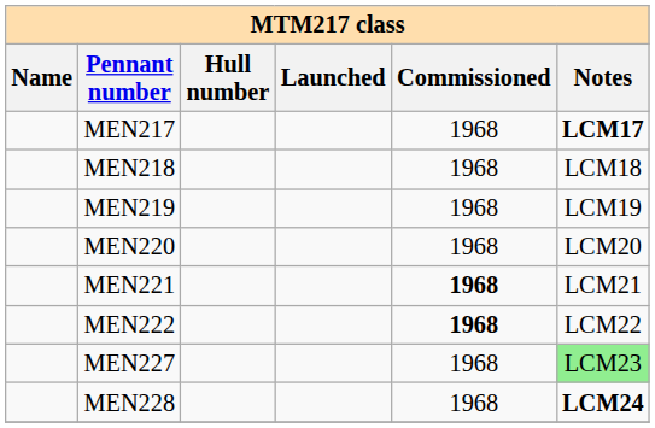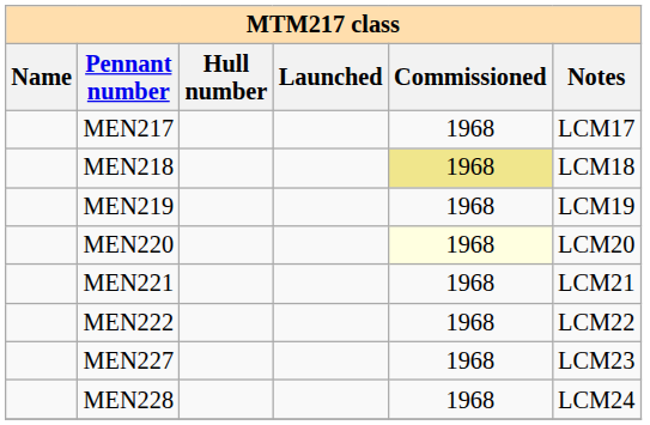 <table border="1" class="sortable wikitable">
 <tr>
 <th colspan="11" style="background:#ffdead;">MTM217 class</th>
 </tr>
 <tr>
 <th>Name</th>
 <th><a href='#'>Pennant<br>number</a></th>
 <th>Hull<br>number</th>
 <th>Launched</th>
 <th>Commissioned</th>
 <th>Notes</th>
 </tr>
 <tr>
 <td></td>
 <td align="center">MEN217</td>
 <td align="center"></td>
 <td align="center"></td>
 <td align="center">1968</td>
-<td align="center"><strong>LCM17</strong></td>
+<td align="center">LCM17</td>
 </tr>
 <tr>
 <td></td>
 <td align="center">MEN218</td>
 <td align="center"></td>
 <td align="center"></td>
-<td align="center">1968</td>
+<td align="center" style="background: khaki;">1968</td>
 <td align="center">LCM18</td>
 </tr>
 <tr>
 <td></td>
 <td align="center">MEN219</td>
 <td align="center"></td>
 <td align="center"></td>
 <td align="center">1968</td>
 <td align="center">LCM19</td>
 </tr>
 <tr>
 <td></td>
 <td align="center">MEN220</td>
 <td align="center"></td>
 <td align="center"></td>
-<td align="center">1968</td>
+<td align="center" style="background: lightyellow;">1968</td>
 <td align="center">LCM20</td>
 </tr>
 <tr>
 <td></td>
 <td align="center">MEN221</td>
 <td align="center"></td>
 <td align="center"></td>
-<td align="center"><strong>1968</strong></td>
+<td align="center">1968</td>
 <td align="center">LCM21</td>
 </tr>
 <tr>
 <td></td>
 <td align="center">MEN222</td>
 <td align="center"></td>
 <td align="center"></td>
-<td align="center"><strong>1968</strong></td>
+<td align="center">1968</td>
 <td align="center">LCM22</td>
 </tr>
 <tr>
 <td></td>
 <td align="center">MEN227</td>
 <td align="center"></td>
 <td align="center"></td>
 <td align="center">1968</td>
-<td align="center" style="background: lightgreen;">LCM23</td>
+<td align="center">LCM23</td>
 </tr>
 <tr>
 <td></td>
 <td align="center">MEN228</td>
 <td align="center"></td>
 <td align="center"></td>
 <td align="center">1968</td>
-<td align="center"><strong>LCM24</strong></td>
+<td align="center">LCM24</td>
 </tr>
 <tr>
 </tr>
 </table>
